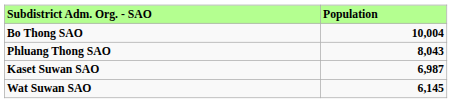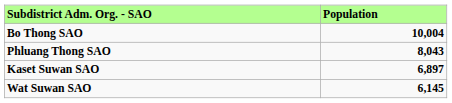 <table class="wikitable" style="width:48%; display:inline-table;">
 <tr>
 <td style= "background: #b4ff90;"><strong>Subdistrict Adm. Org. - SAO</strong></td>
 <td style= "background: #b4ff90; text-alig:center;"><strong>Population</strong></td>
 </tr>
 <tr>
 <td><strong>Bo Thong SAO</strong></td>
 <td style="text-align:right;"><strong>10,004</strong></td>
 </tr>
 <tr>
 <td><strong>Phluang Thong SAO</strong></td>
 <td style="text-align:right;"><strong>8,043</strong></td>
 </tr>
 <tr>
 <td><strong>Kaset Suwan SAO</strong></td>
-<td style="text-align:right;"><strong>6,987</strong></td>
+<td style="text-align:right;"><strong>6,897</strong></td>
 </tr>
 <tr>
 <td><strong>Wat Suwan SAO</strong></td>
 <td style="text-align:right;"><strong>6,145</strong></td>
 </tr>
 </table>
